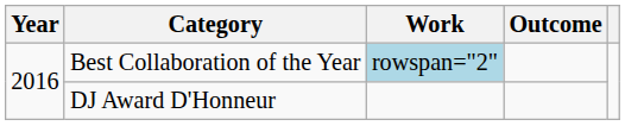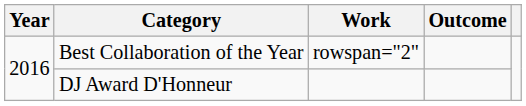 <table class="wikitable sortable">
 <tr>
 <th>Year</th>
 <th>Category</th>
 <th>Work</th>
 <th>Outcome</th>
 <th></th>
 </tr>
 <tr>
 <td rowspan="2">2016</td>
 <td>Best Collaboration of the Year</td>
-<td style="background: lightblue;">rowspan="2" </td>
+<td>rowspan="2" </td>
 <td></td>
 <td rowspan="2"></td>
 </tr>
 <tr>
 <td>DJ Award D'Honneur</td>
 <td></td>
 </tr>
 </table>
